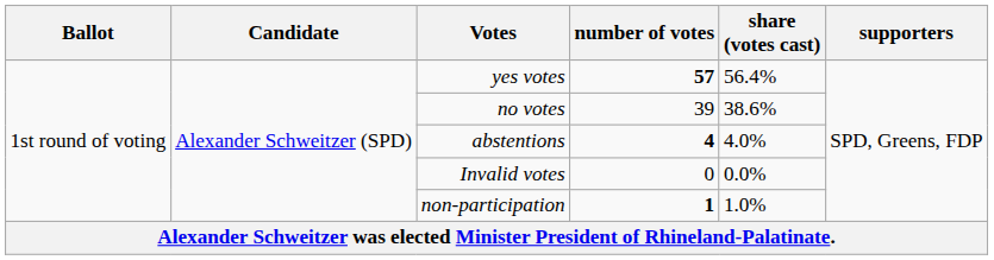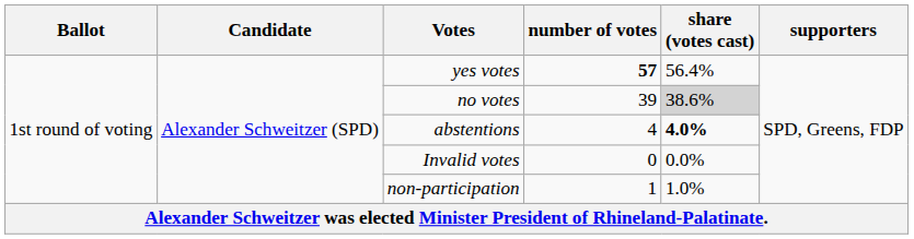 <table class="wikitable">
 <tr>
 <th>Ballot</th>
 <th>Candidate</th>
 <th>Votes</th>
 <th>number of votes</th>
 <th>share<br>(votes cast)</th>
 <th>supporters</th>
 </tr>
 <tr>
 <td rowspan="5">1st round of voting</td>
 <td rowspan="5"><a href='#'>Alexander Schweitzer</a> (SPD)</td>
 <td align="right" class="hintergrundfarbe9"><em>yes votes</em></td>
 <td align="right"><strong>57</strong></td>
 <td>56.4%</td>
 <td rowspan="5">SPD, Greens, FDP</td>
 </tr>
 <tr>
 <td align="right"><em>no votes</em></td>
 <td align="right">39</td>
-<td>38.6%</td>
+<td style="background: lightgrey;">38.6%</td>
 </tr>
 <tr>
 <td align="right"><em>abstentions</em></td>
-<td align="right"><strong>4</strong></td>
-<td>4.0%</td>
+<td align="right">4</td>
+<td><strong>4.0%</strong></td>
 </tr>
 <tr>
 <td align="right"><em>Invalid votes</em></td>
 <td align="right">0</td>
 <td>0.0%</td>
 </tr>
 <tr>
 <td align="right"><em>non-participation</em></td>
-<td align="right"><strong>1</strong></td>
+<td align="right">1</td>
 <td>1.0%</td>
 </tr>
 <tr>
 <th colspan="6" align="center"><strong><a href='#'>Alexander Schweitzer</a> was elected <a href='#'>Minister President of Rhineland-Palatinate</a>.</strong></th>
 </tr>
 </table>
